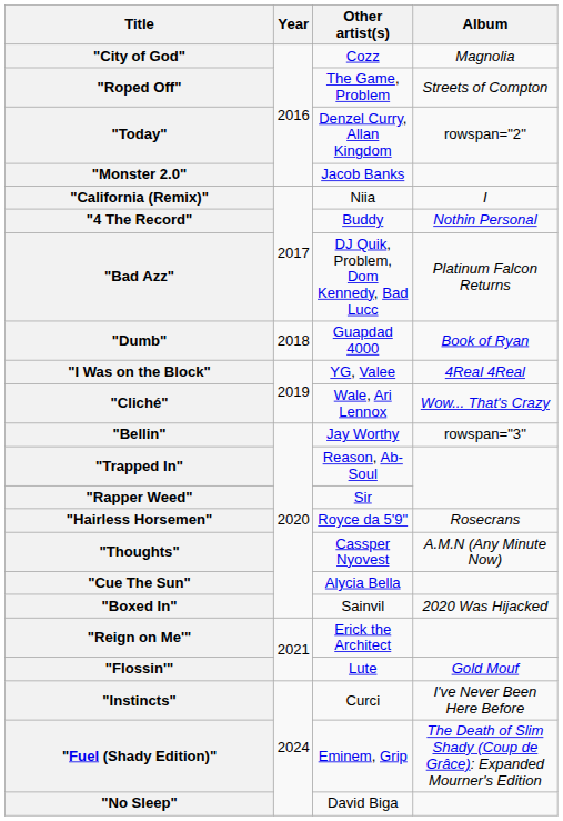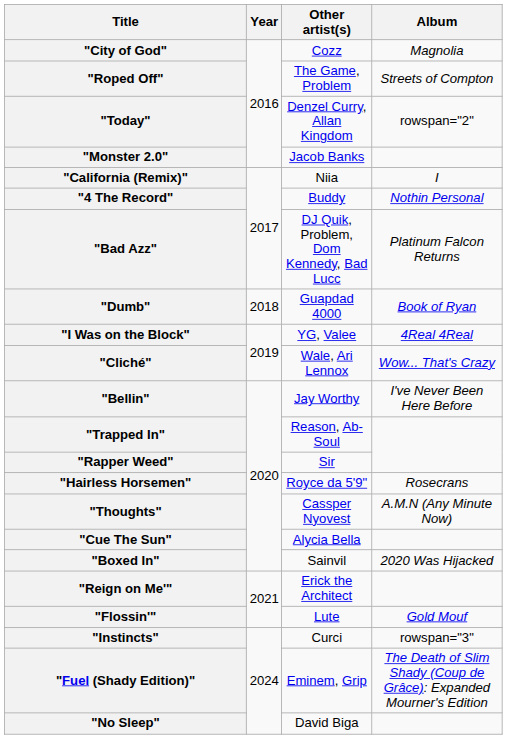 <table class="wikitable plainrowheaders" style="text-align:center;">
 <tr>
 <th scope="col" style="width:18em;">Title</th>
 <th scope="col">Year</th>
 <th scope="col">Other artist(s)</th>
 <th scope="col">Album</th>
 </tr>
 <tr>
 <th scope="row">"City of God"</th>
 <td rowspan="4">2016</td>
 <td><a href='#'>Cozz</a></td>
 <td><em>Magnolia</em></td>
 </tr>
 <tr>
 <th scope="row">"Roped Off"</th>
 <td><a href='#'>The Game</a>, <a href='#'>Problem</a></td>
 <td><em>Streets of Compton</em></td>
 </tr>
 <tr>
 <th scope="row">"Today"</th>
 <td><a href='#'>Denzel Curry</a>, <a href='#'>Allan Kingdom</a></td>
 <td>rowspan="2" </td>
 </tr>
 <tr>
 <th scope="row">"Monster 2.0"</th>
 <td><a href='#'>Jacob Banks</a></td>
 </tr>
 <tr>
 <th scope="row">"California (Remix)"</th>
 <td rowspan="3">2017</td>
 <td>Niia</td>
 <td><em>I</em></td>
 </tr>
 <tr>
 <th scope="row">"4 The Record"</th>
 <td><a href='#'>Buddy</a></td>
 <td><em><a href='#'>Nothin Personal</a></em></td>
 </tr>
 <tr>
 <th scope="row">"Bad Azz"</th>
 <td><a href='#'>DJ Quik</a>, Problem, <a href='#'>Dom Kennedy</a>, <a href='#'>Bad Lucc</a></td>
 <td><em>Platinum Falcon Returns</em></td>
 </tr>
 <tr>
 <th scope="row">"Dumb"</th>
 <td>2018</td>
 <td><a href='#'>Guapdad 4000</a></td>
 <td><em><a href='#'>Book of Ryan</a></em></td>
 </tr>
 <tr>
 <th scope="row">"I Was on the Block"</th>
 <td rowspan="2">2019</td>
 <td><a href='#'>YG</a>, <a href='#'>Valee</a></td>
 <td><em><a href='#'>4Real 4Real</a></em></td>
 </tr>
 <tr>
 <th scope="row">"Cliché"</th>
 <td><a href='#'>Wale</a>, <a href='#'>Ari Lennox</a></td>
 <td><em><a href='#'>Wow... That's Crazy</a></em></td>
 </tr>
 <tr>
 <th scope="row">"Bellin"</th>
 <td rowspan="7">2020</td>
 <td><a href='#'>Jay Worthy</a></td>
-<td>rowspan="3" </td>
+<td><em>I've Never Been Here Before</em></td>
 </tr>
 <tr>
 <th scope="row">"Trapped In"</th>
 <td><a href='#'>Reason</a>, <a href='#'>Ab-Soul</a></td>
 </tr>
 <tr>
 <th scope="row">"Rapper Weed"</th>
 <td><a href='#'>Sir</a></td>
 </tr>
 <tr>
 <th scope="row">"Hairless Horsemen"</th>
 <td><a href='#'>Royce da 5'9"</a></td>
 <td><em>Rosecrans</em></td>
 </tr>
 <tr>
 <th scope="row">"Thoughts"</th>
 <td><a href='#'>Cassper Nyovest</a></td>
 <td><em>A.M.N (Any Minute Now)</em></td>
 </tr>
 <tr>
 <th scope="row">"Cue The Sun"</th>
 <td><a href='#'>Alycia Bella</a></td>
 <td></td>
 </tr>
 <tr>
 <th scope="row">"Boxed In"</th>
 <td>Sainvil</td>
 <td><em>2020 Was Hijacked</em></td>
 </tr>
 <tr>
 <th scope="row">"Reign on Me'"</th>
 <td rowspan="2">2021</td>
 <td><a href='#'>Erick the Architect</a></td>
 <td></td>
 </tr>
 <tr>
 <th scope="row">"Flossin'"</th>
 <td><a href='#'>Lute</a></td>
 <td><em><a href='#'>Gold Mouf</a></em></td>
 </tr>
 <tr>
 <th scope="row">"Instincts"</th>
 <td rowspan="4">2024</td>
 <td>Curci</td>
-<td><em>I've Never Been Here Before</em></td>
+<td>rowspan="3" </td>
 </tr>
 <tr>
 <th scope="row">"<a href='#'>Fuel</a> (Shady Edition)"</th>
 <td><a href='#'>Eminem</a>, <a href='#'>Grip</a></td>
 <td><em><a href='#'>The Death of Slim Shady (Coup de Grâce)</a>: Expanded Mourner's Edition</em></td>
 </tr>
 <tr>
 <th scope="row">"No Sleep"</th>
 <td rowspan="3">David Biga</td>
 <td></td>
 </tr>
 </table>
